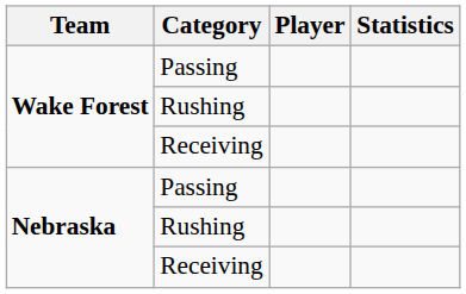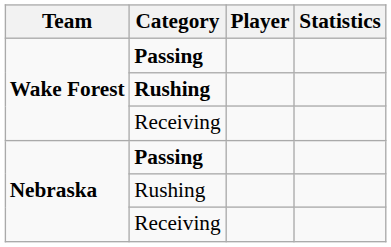 <table class="wikitable" style="float: right;">
 <tr>
 <th>Team</th>
 <th>Category</th>
 <th>Player</th>
 <th>Statistics</th>
 </tr>
 <tr>
 <td rowspan=3><strong>Wake Forest</strong></td>
-<td>Passing</td>
+<td><strong>Passing</strong></td>
 <td></td>
 <td></td>
 </tr>
 <tr>
-<td>Rushing</td>
+<td><strong>Rushing</strong></td>
 <td></td>
 <td></td>
 </tr>
 <tr>
 <td>Receiving</td>
 <td></td>
 <td></td>
 </tr>
 <tr>
 <td rowspan=3><strong>Nebraska</strong></td>
-<td>Passing</td>
+<td><strong>Passing</strong></td>
 <td></td>
 <td></td>
 </tr>
 <tr>
 <td>Rushing</td>
 <td></td>
 <td></td>
 </tr>
 <tr>
 <td>Receiving</td>
 <td></td>
 <td></td>
 </tr>
 </table>
